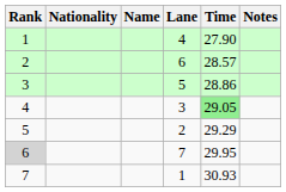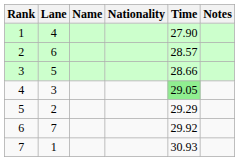 <table class="wikitable sortable" style="text-align:center">
 <tr>
 <th>Rank</th>
+<th>Lane</th>
+<th>Name</th>
 <th>Nationality</th>
-<th>Name</th>
-<th>Lane</th>
 <th>Time</th>
 <th>Notes</th>
 </tr>
 <tr bgcolor=ccffcc>
 <td>1</td>
+<td>4</td>
 <td align=left></td>
 <td align=left></td>
-<td>4</td>
 <td>27.90</td>
 <td><strong></strong></td>
 </tr>
 <tr bgcolor=ccffcc>
 <td>2</td>
+<td>6</td>
 <td align=left></td>
 <td align=left></td>
-<td>6</td>
 <td>28.57</td>
 <td><strong></strong></td>
 </tr>
 <tr bgcolor=ccffcc>
 <td>3</td>
+<td>5</td>
 <td align=left></td>
 <td align=left></td>
-<td>5</td>
-<td>28.86</td>
+<td>28.66</td>
 <td></td>
 </tr>
 <tr>
 <td>4</td>
+<td>3</td>
 <td align=left></td>
 <td align=left></td>
-<td>3</td>
 <td style="background: lightgreen;">29.05</td>
 <td></td>
 </tr>
 <tr>
 <td>5</td>
+<td>2</td>
 <td align=left></td>
 <td align=left></td>
-<td>2</td>
 <td>29.29</td>
 <td></td>
 </tr>
 <tr>
-<td style="background: lightgrey;">6</td>
+<td>6</td>
+<td>7</td>
 <td align=left></td>
 <td align=left></td>
-<td>7</td>
-<td>29.95</td>
+<td>29.92</td>
 <td></td>
 </tr>
 <tr>
 <td>7</td>
+<td>1</td>
 <td align=left></td>
 <td align=left></td>
-<td>1</td>
 <td>30.93</td>
 <td></td>
 </tr>
 </table>
